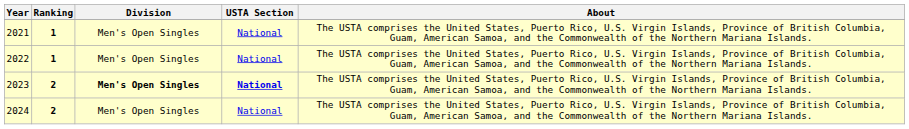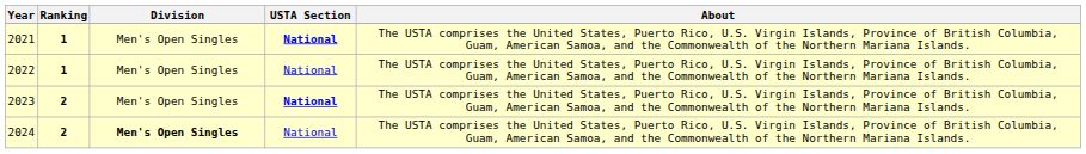 <table class="sortable wikitable" style="font-size:100%; text-align: center;">
 <tr>
 <th style="width:10px">Year</th>
 <th style="width:05px">Ranking</th>
 <th style="width:200px">Division</th>
 <th style="width:100px">USTA Section</th>
 <th style="width:850px">About</th>
 </tr>
 <tr style="background:#cfc;">
 </tr>
 <tr style="background:#ffc;">
 <td>2021</td>
 <td><strong>1</strong></td>
 <td>Men's Open Singles</td>
-<td><a href='#'>National</a></td>
+<td><strong><a href='#'>National</a></strong></td>
 <td>The USTA comprises the United States, Puerto Rico, U.S. Virgin Islands, Province of British Columbia, Guam, American Samoa, and the Commonwealth of the Northern Mariana Islands.</td>
 </tr>
 <tr style="background:#ffc;">
 <td>2022</td>
 <td><strong>1</strong></td>
 <td>Men's Open Singles</td>
 <td><a href='#'>National</a></td>
 <td>The USTA comprises the United States, Puerto Rico, U.S. Virgin Islands, Province of British Columbia, Guam, American Samoa, and the Commonwealth of the Northern Mariana Islands.</td>
 </tr>
 <tr style="background:#ffc;">
 <td>2023</td>
 <td><strong>2</strong></td>
-<td><strong>Men's Open Singles</strong></td>
+<td>Men's Open Singles</td>
 <td><strong><a href='#'>National</a></strong></td>
 <td>The USTA comprises the United States, Puerto Rico, U.S. Virgin Islands, Province of British Columbia, Guam, American Samoa, and the Commonwealth of the Northern Mariana Islands.</td>
 </tr>
 <tr style="background:#ffc;">
 <td>2024</td>
 <td><strong>2</strong></td>
-<td>Men's Open Singles</td>
+<td><strong>Men's Open Singles</strong></td>
 <td><a href='#'>National</a></td>
 <td>The USTA comprises the United States, Puerto Rico, U.S. Virgin Islands, Province of British Columbia, Guam, American Samoa, and the Commonwealth of the Northern Mariana Islands.</td>
 </tr>
 </table>
